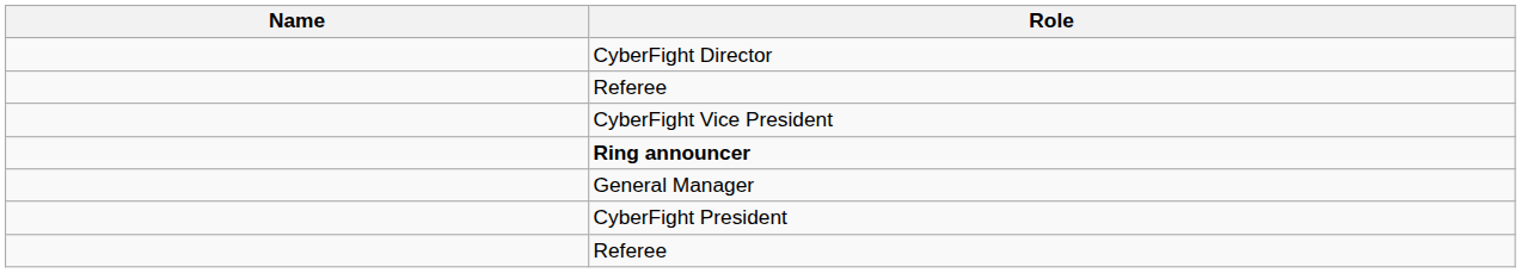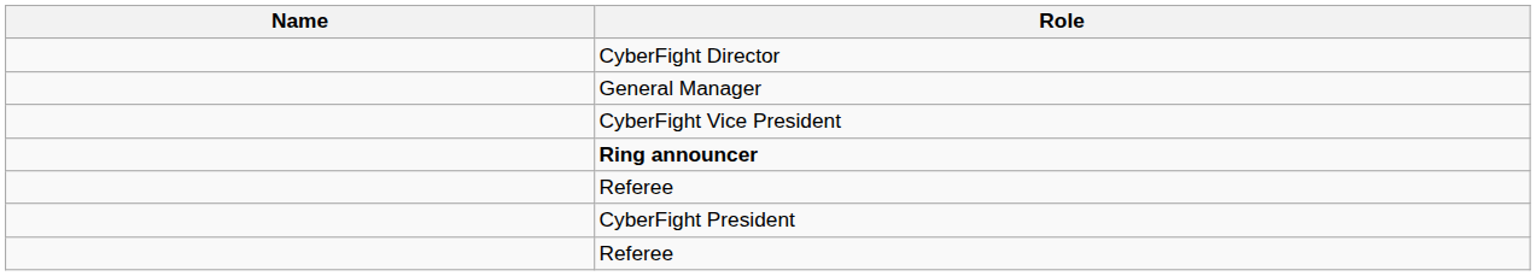 <table class="wikitable sortable" align="left center" width="59%">
 <tr>
 <th width="17%">Name</th>
 <th width="27%">Role</th>
 </tr>
 <tr>
 <td></td>
 <td>CyberFight Director</td>
 </tr>
 <tr>
 <td></td>
-<td>Referee</td>
+<td>General Manager</td>
 </tr>
 <tr>
 <td></td>
 <td>CyberFight Vice President</td>
 </tr>
 <tr>
 <td></td>
 <td><strong>Ring announcer</strong></td>
 </tr>
 <tr>
 <td></td>
-<td>General Manager</td>
+<td>Referee</td>
 </tr>
 <tr>
 <td></td>
 <td>CyberFight President</td>
 </tr>
 <tr>
 <td></td>
 <td>Referee</td>
 </tr>
 </table>
